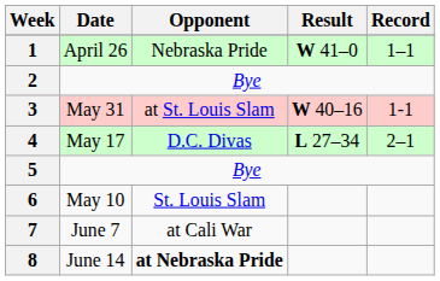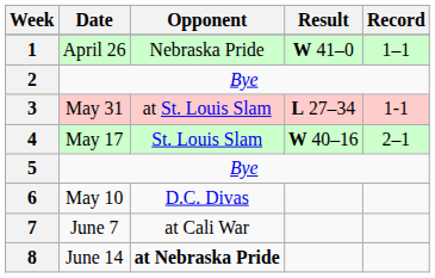 <table class="wikitable" style="text-align:center">
 <tr>
 <th>Week</th>
 <th>Date</th>
 <th>Opponent</th>
 <th>Result</th>
 <th>Record</th>
 </tr>
 <tr>
 </tr>
 <tr style="background:#cfc">
 <th>1</th>
 <td>April 26</td>
 <td>Nebraska Pride</td>
 <td><strong>W</strong> 41–0</td>
 <td>1–1</td>
 </tr>
 <tr style="background:#cc">
 <th>2</th>
 <td colspan="4"><em><a href='#'>Bye</a></em></td>
 </tr>
 <tr style="background:#fcc">
 <th>3</th>
 <td>May 31</td>
 <td>at <a href='#'>St. Louis Slam</a></td>
-<td><strong>W</strong> 40–16</td>
+<td><strong>L</strong> 27–34</td>
 <td>1-1</td>
 </tr>
 <tr style="background:#cfc">
 <th>4</th>
 <td>May 17</td>
-<td><a href='#'>D.C. Divas</a></td>
-<td><strong>L</strong> 27–34</td>
+<td><a href='#'>St. Louis Slam</a></td>
+<td><strong>W</strong> 40–16</td>
 <td>2–1</td>
 </tr>
 <tr>
 <th>5</th>
 <td colspan="4"><em><a href='#'>Bye</a></em></td>
 </tr>
 <tr style="background:#cc">
 <th>6</th>
 <td>May 10</td>
-<td><a href='#'>St. Louis Slam</a></td>
+<td><a href='#'>D.C. Divas</a></td>
 <td></td>
 <td></td>
 </tr>
 <tr style="background:#cc">
 <th>7</th>
 <td>June 7</td>
 <td>at Cali War</td>
 <td></td>
 <td></td>
 </tr>
 <tr style="background:#cc">
 <th>8</th>
 <td>June 14</td>
 <td><strong>at Nebraska Pride</strong></td>
 <td></td>
 <td></td>
 </tr>
 </table>
